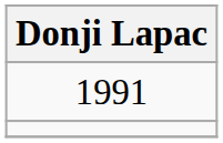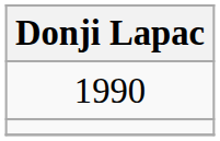 <table class="wikitable" style="margin: 0.5em auto; text-align: center;">
 <tr>
 <th colspan="1">Donji Lapac</th>
 </tr>
 <tr>
-<td>1991</td>
+<td>1990</td>
 </tr>
 <tr>
 <td></td>
 </tr>
 <tr>
 </tr>
 </table>
